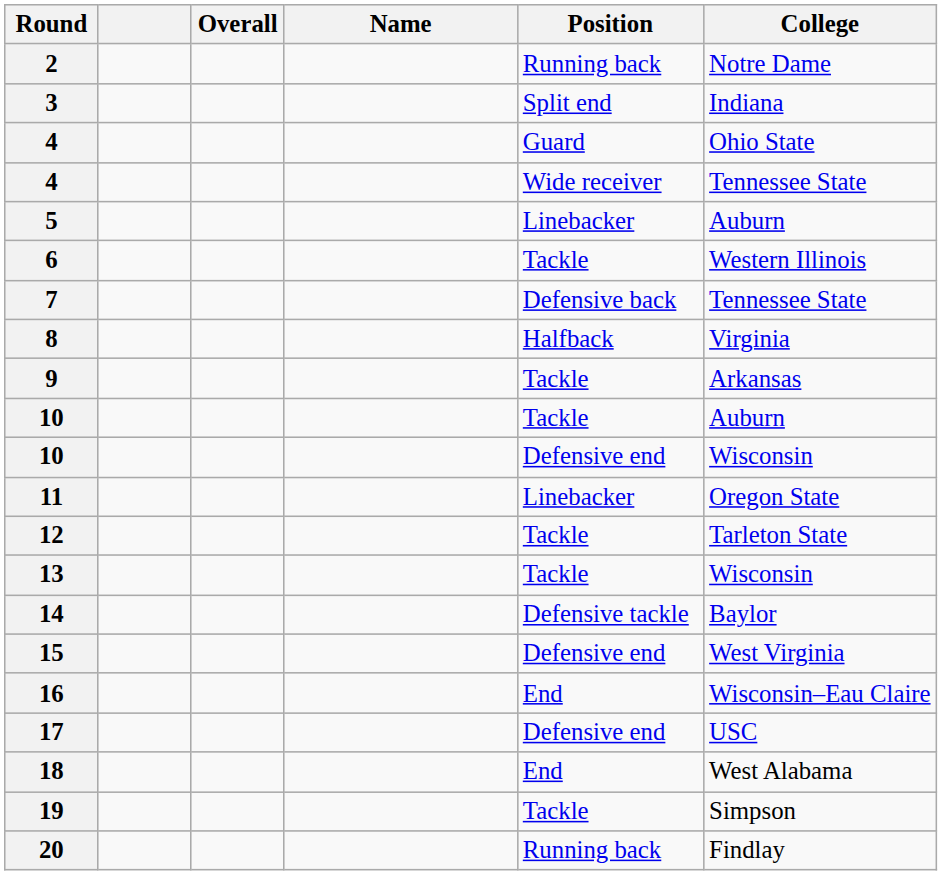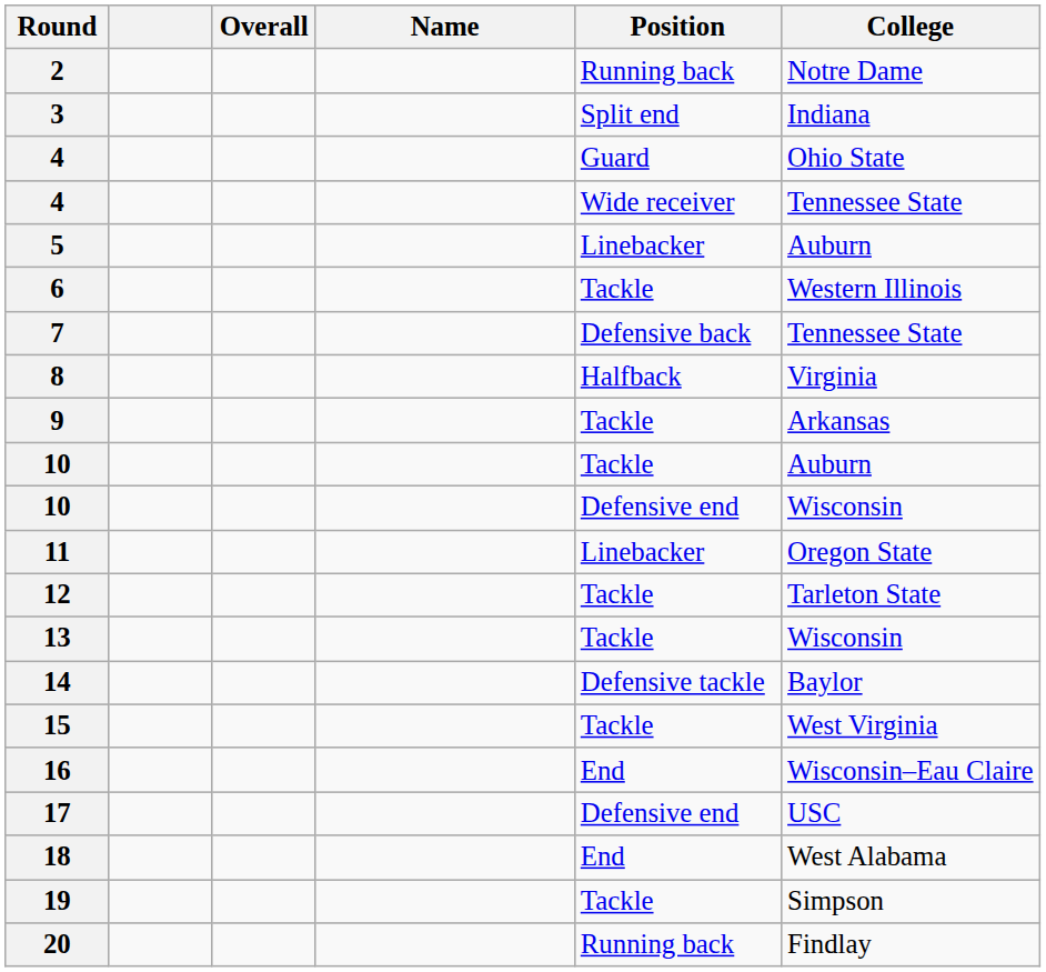 <table class="wikitable sortable">
 <tr>
 <th scope="col" style="width: 10%;">Round</th>
 <th scope="col" style="width: 10%;"></th>
 <th scope="col" style="width: 10%;">Overall</th>
 <th scope="col" style="width: 25%;">Name</th>
 <th scope="col" style="width: 20%;">Position</th>
 <th scope="col" style="width: 25%;">College</th>
 </tr>
 <tr>
 <th scope="row">2</th>
 <td></td>
 <td></td>
 <td></td>
 <td><a href='#'>Running back</a></td>
 <td><a href='#'>Notre Dame</a></td>
 </tr>
 <tr>
 <th scope="row">3</th>
 <td></td>
 <td></td>
 <td></td>
 <td><a href='#'>Split end</a></td>
 <td><a href='#'>Indiana</a></td>
 </tr>
 <tr>
 <th scope="row">4</th>
 <td></td>
 <td></td>
 <td></td>
 <td><a href='#'>Guard</a></td>
 <td><a href='#'>Ohio State</a></td>
 </tr>
 <tr>
 <th scope="row">4</th>
 <td></td>
 <td></td>
 <td></td>
 <td><a href='#'>Wide receiver</a></td>
 <td><a href='#'>Tennessee State</a></td>
 </tr>
 <tr>
 <th scope="row">5</th>
 <td></td>
 <td></td>
 <td></td>
 <td><a href='#'>Linebacker</a></td>
 <td><a href='#'>Auburn</a></td>
 </tr>
 <tr>
 <th scope="row">6</th>
 <td></td>
 <td></td>
 <td></td>
 <td><a href='#'>Tackle</a></td>
 <td><a href='#'>Western Illinois</a></td>
 </tr>
 <tr>
 <th scope="row">7</th>
 <td></td>
 <td></td>
 <td></td>
 <td><a href='#'>Defensive back</a></td>
 <td><a href='#'>Tennessee State</a></td>
 </tr>
 <tr>
 <th scope="row">8</th>
 <td></td>
 <td></td>
 <td></td>
 <td><a href='#'>Halfback</a></td>
 <td><a href='#'>Virginia</a></td>
 </tr>
 <tr>
 <th scope="row">9</th>
 <td></td>
 <td></td>
 <td></td>
 <td><a href='#'>Tackle</a></td>
 <td><a href='#'>Arkansas</a></td>
 </tr>
 <tr>
 <th scope="row">10</th>
 <td></td>
 <td></td>
 <td></td>
 <td><a href='#'>Tackle</a></td>
 <td><a href='#'>Auburn</a></td>
 </tr>
 <tr>
 <th scope="row">10</th>
 <td></td>
 <td></td>
 <td></td>
 <td><a href='#'>Defensive end</a></td>
 <td><a href='#'>Wisconsin</a></td>
 </tr>
 <tr>
 <th scope="row">11</th>
 <td></td>
 <td></td>
 <td></td>
 <td><a href='#'>Linebacker</a></td>
 <td><a href='#'>Oregon State</a></td>
 </tr>
 <tr>
 <th scope="row">12</th>
 <td></td>
 <td></td>
 <td></td>
 <td><a href='#'>Tackle</a></td>
 <td><a href='#'>Tarleton State</a></td>
 </tr>
 <tr>
 <th scope="row">13</th>
 <td></td>
 <td></td>
 <td></td>
 <td><a href='#'>Tackle</a></td>
 <td><a href='#'>Wisconsin</a></td>
 </tr>
 <tr>
 <th scope="row">14</th>
 <td></td>
 <td></td>
 <td></td>
 <td><a href='#'>Defensive tackle</a></td>
 <td><a href='#'>Baylor</a></td>
 </tr>
 <tr>
 <th scope="row">15</th>
 <td></td>
 <td></td>
 <td></td>
-<td><a href='#'>Defensive end</a></td>
+<td><a href='#'>Tackle</a></td>
 <td><a href='#'>West Virginia</a></td>
 </tr>
 <tr>
 <th scope="row">16</th>
 <td></td>
 <td></td>
 <td></td>
 <td><a href='#'>End</a></td>
 <td><a href='#'>Wisconsin–Eau Claire</a></td>
 </tr>
 <tr>
 <th scope="row">17</th>
 <td></td>
 <td></td>
 <td></td>
 <td><a href='#'>Defensive end</a></td>
 <td><a href='#'>USC</a></td>
 </tr>
 <tr>
 <th scope="row">18</th>
 <td></td>
 <td></td>
 <td></td>
 <td><a href='#'>End</a></td>
 <td>West Alabama</td>
 </tr>
 <tr>
 <th scope="row">19</th>
 <td></td>
 <td></td>
 <td></td>
 <td><a href='#'>Tackle</a></td>
 <td>Simpson</td>
 </tr>
 <tr>
 <th scope="row">20</th>
 <td></td>
 <td></td>
 <td></td>
 <td><a href='#'>Running back</a></td>
 <td>Findlay</td>
 </tr>
 </table>
